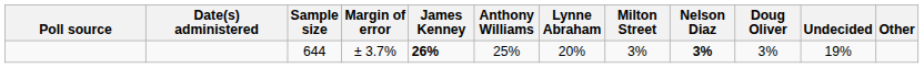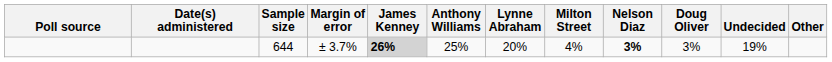 <table class="wikitable">
 <tr valign= bottom>
 <th style="width:160px;">Poll source</th>
 <th style="width:160px;">Date(s)<br>administered</th>
 <th class=small>Sample<br>size</th>
 <th class=small>Margin of<br>error</th>
 <th style="width:70px;">James<br>Kenney</th>
 <th style="width:70px;">Anthony<br>Williams</th>
 <th style="width:70px;">Lynne <br>Abraham</th>
 <th style="width:70px;">Milton <br>Street</th>
 <th style="width:70px;">Nelson <br>Diaz</th>
 <th style="width:70px;">Doug <br>Oliver</th>
 <th style="width:40px;">Undecided</th>
 <th style="width:40px;">Other</th>
 </tr>
 <tr>
 <td rowspan=2></td>
 <td style="text-align:center;" rowspan="2"></td>
 <td style="text-align:center;" rowspan="2">644</td>
 <td style="text-align:center;" rowspan="2">± 3.7%</td>
-<td><strong>26%</strong></td>
+<td style="background: lightgrey;"><strong>26%</strong></td>
 <td style="text-align:center;">25%</td>
 <td align=center>20%</td>
-<td align=center>3%</td>
+<td align=center>4%</td>
 <td align=center><strong>3%</strong></td>
 <td align=center>3%</td>
 <td align=center>19%</td>
 </tr>
 </table>
